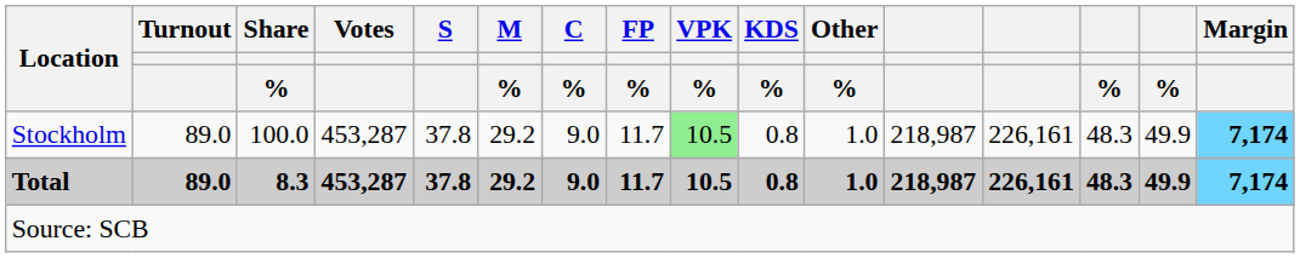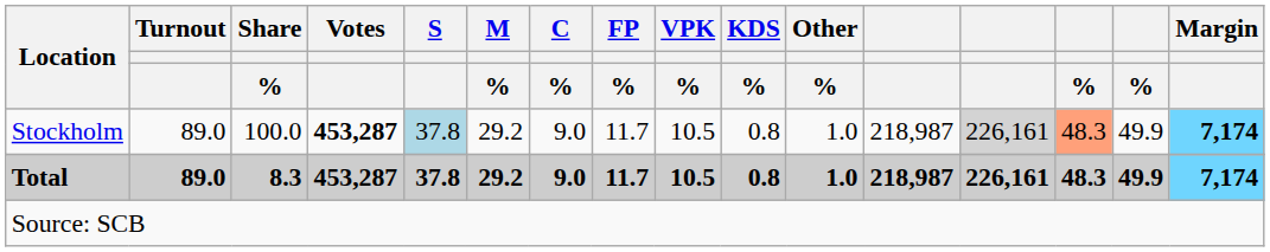 <table class="wikitable sortable" style="text-align:right; font-size:95%; line-height:20px;">
 <tr>
 <th rowspan="3">Location</th>
 <th>Turnout</th>
 <th>Share</th>
 <th>Votes</th>
 <th width="30px" class="unsortable"><a href='#'>S</a></th>
 <th width="30px" class="unsortable"><a href='#'>M</a></th>
 <th width="30px" class="unsortable"><a href='#'>C</a></th>
 <th width="30px" class="unsortable"><a href='#'>FP</a></th>
 <th width="30px" class="unsortable"><a href='#'>VPK</a></th>
 <th width="30px" class="unsortable"><a href='#'>KDS</a></th>
 <th width="30px" class="unsortable">Other</th>
 <th></th>
 <th></th>
 <th></th>
 <th></th>
 <th>Margin</th>
 </tr>
 <tr>
 <th></th>
 <th></th>
 <th></th>
 <th style="background:"></th>
 <th style="background:"></th>
 <th style="background:"></th>
 <th style="background:"></th>
 <th style="background:"></th>
 <th style="background:"></th>
 <th style="background:"></th>
 <th style="background:"></th>
 <th style="background:"></th>
 <th style="background:"></th>
 <th style="background:"></th>
 <th></th>
 </tr>
 <tr>
 <th></th>
 <th data-sort-type="number">%</th>
 <th data-sort-type="number"></th>
 <th></th>
 <th data-sort-type="number">%</th>
 <th data-sort-type="number">%</th>
 <th data-sort-type="number">%</th>
 <th data-sort-type="number">%</th>
 <th data-sort-type="number">%</th>
 <th data-sort-type="number">%</th>
 <th data-sort-type="number"></th>
 <th data-sort-type="number"></th>
 <th data-sort-type="number">%</th>
 <th data-sort-type="number">%</th>
 <th data-sort-type="number"></th>
 </tr>
 <tr>
 <td align=left><a href='#'>Stockholm</a></td>
 <td>89.0</td>
 <td>100.0</td>
-<td>453,287</td>
-<td>37.8</td>
+<td><strong>453,287</strong></td>
+<td style="background: lightblue;">37.8</td>
 <td>29.2</td>
 <td>9.0</td>
 <td>11.7</td>
-<td style="background: lightgreen;">10.5</td>
+<td>10.5</td>
 <td>0.8</td>
 <td>1.0</td>
 <td>218,987</td>
-<td>226,161</td>
-<td>48.3</td>
+<td style="background: lightgrey;">226,161</td>
+<td style="background: lightsalmon;">48.3</td>
 <td>49.9</td>
 <td bgcolor=#6fd5fe><strong>7,174</strong></td>
 </tr>
 <tr>
 </tr>
 <tr style="background:#CDCDCD;">
 <td align=left><strong>Total</strong></td>
 <td><strong>89.0</strong></td>
 <td><strong>8.3</strong></td>
 <td><strong>453,287</strong></td>
 <td><strong>37.8</strong></td>
 <td><strong>29.2</strong></td>
 <td><strong>9.0</strong></td>
 <td><strong>11.7</strong></td>
 <td><strong>10.5</strong></td>
 <td><strong>0.8</strong></td>
 <td><strong>1.0</strong></td>
 <td><strong>218,987</strong></td>
 <td><strong>226,161</strong></td>
 <td><strong>48.3</strong></td>
 <td><strong>49.9</strong></td>
 <td bgcolor=#6fd5fe><strong>7,174</strong></td>
 </tr>
 <tr>
 <td align=left colspan=16>Source: SCB </td>
 </tr>
 </table>
